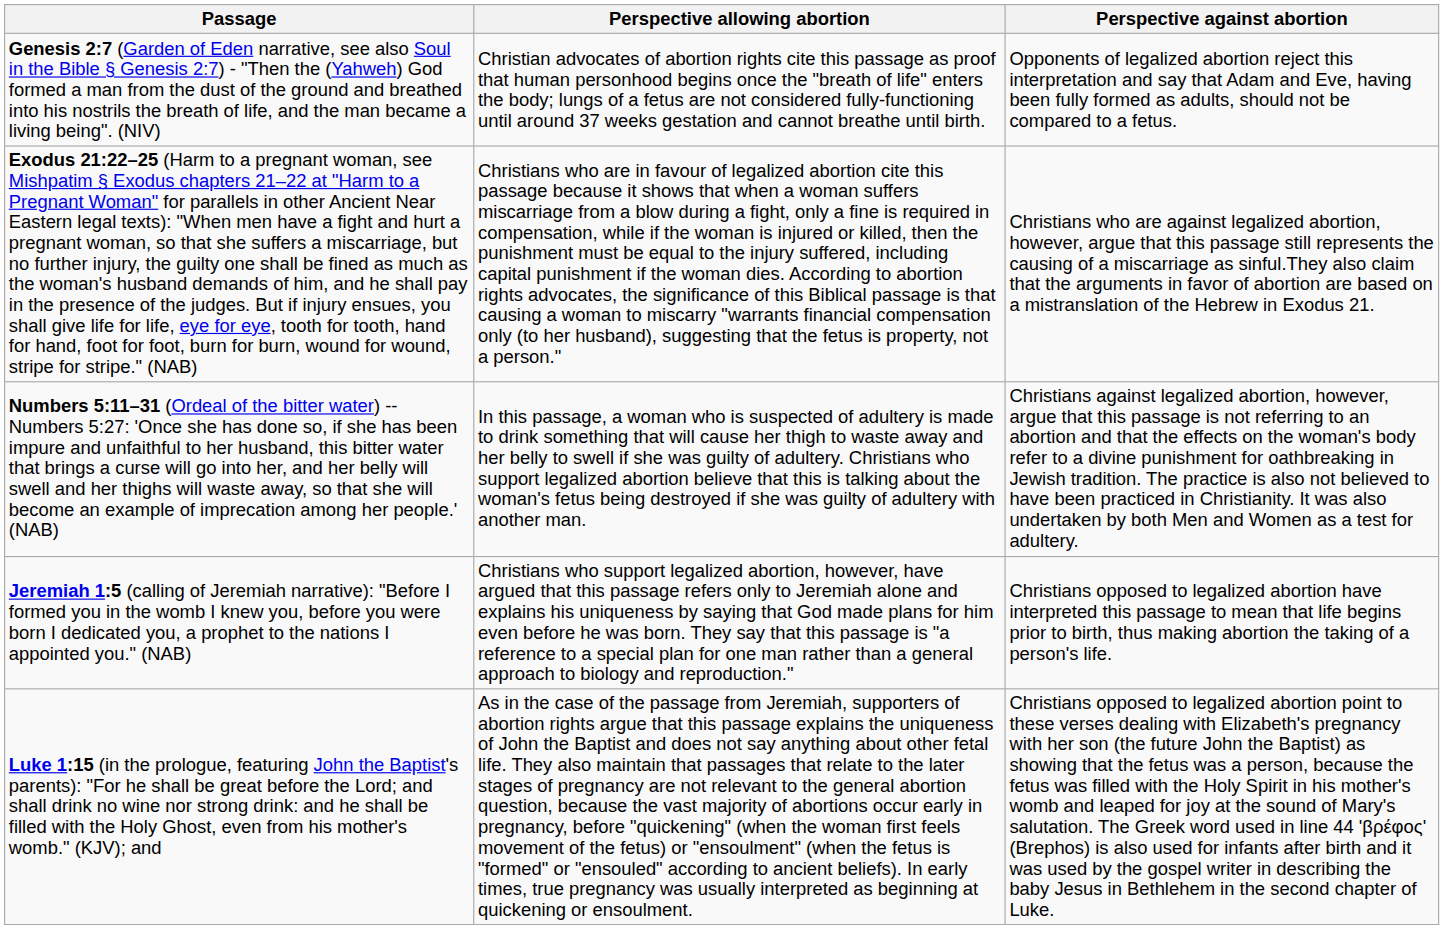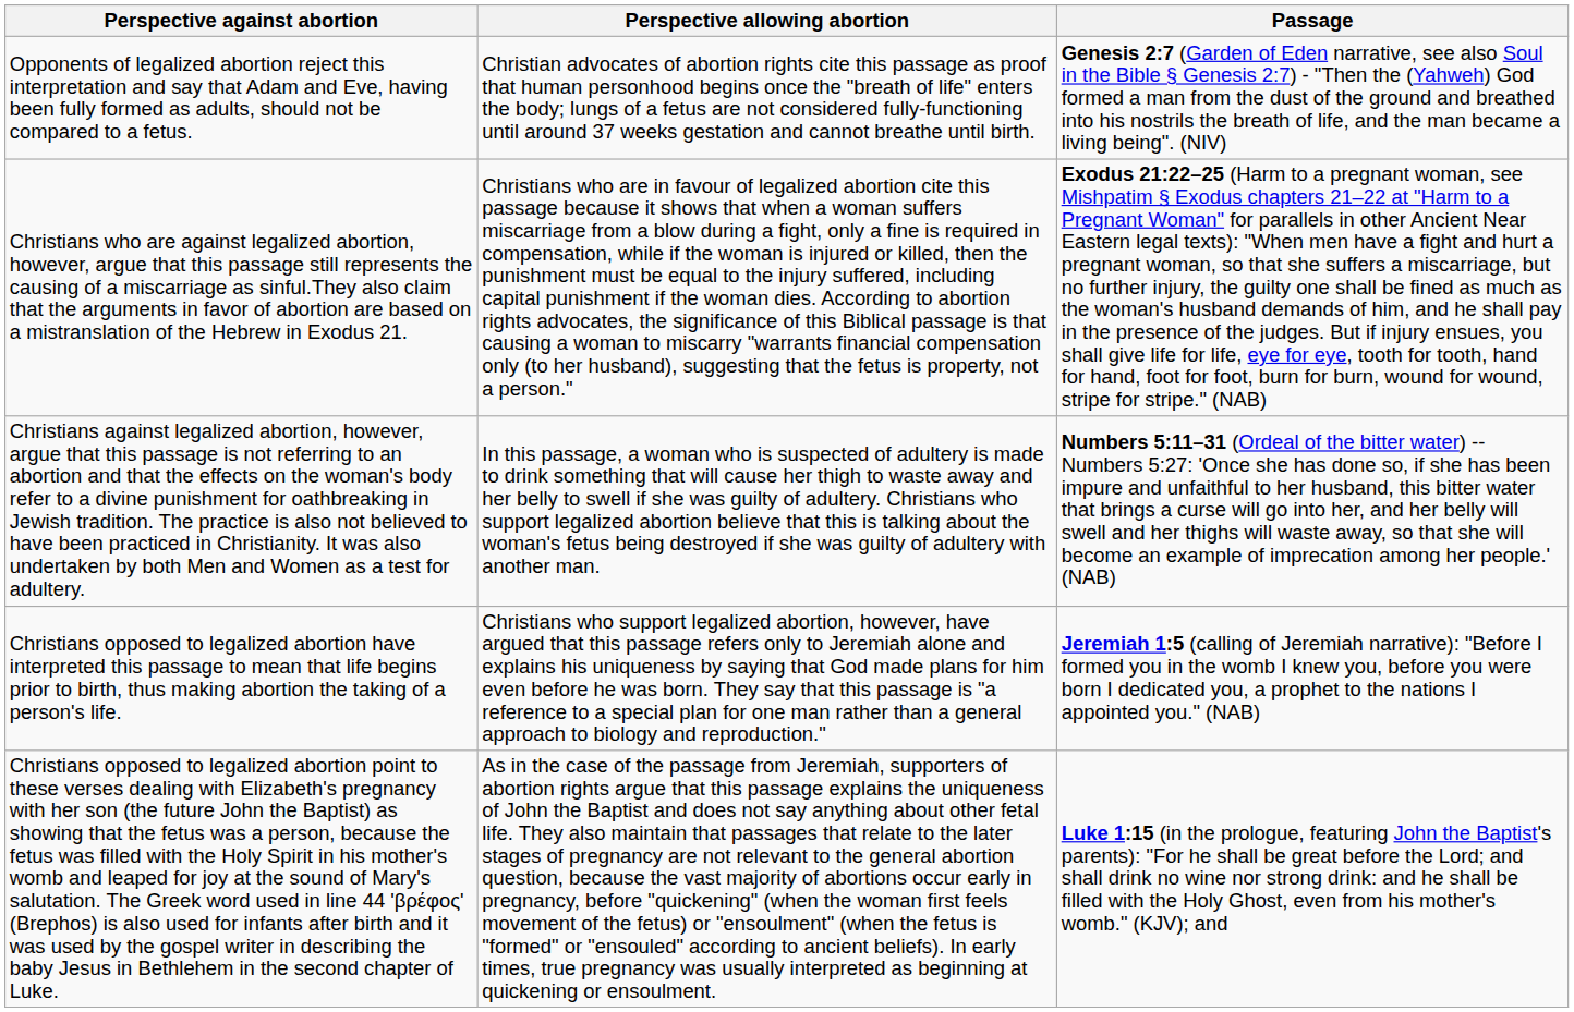 <table class="wikitable">
 <tr>
+<th>Perspective against abortion</th>
+<th>Perspective allowing abortion</th>
 <th>Passage</th>
-<th>Perspective allowing abortion</th>
-<th>Perspective against abortion</th>
 </tr>
 <tr>
+<td>Opponents of legalized abortion reject this interpretation and say that Adam and Eve, having been fully formed as adults, should not be compared to a fetus.</td>
+<td>Christian advocates of abortion rights cite this passage as proof that human personhood begins once the "breath of life" enters the body; lungs of a fetus are not considered fully-functioning until around 37 weeks gestation and cannot breathe until birth.</td>
 <td><strong>Genesis 2:7</strong> (<a href='#'>Garden of Eden</a> narrative, see also <a href='#'>Soul in the Bible § Genesis 2:7</a>) - "Then the  (<a href='#'>Yahweh</a>) God formed a man from the dust of the ground and breathed into his nostrils the breath of life, and the man became a living being". (NIV)</td>
-<td>Christian advocates of abortion rights cite this passage as proof that human personhood begins once the "breath of life" enters the body; lungs of a fetus are not considered fully-functioning until around 37 weeks gestation and cannot breathe until birth.</td>
-<td>Opponents of legalized abortion reject this interpretation and say that Adam and Eve, having been fully formed as adults, should not be compared to a fetus.</td>
 </tr>
 <tr>
+<td>Christians who are against legalized abortion, however, argue that this passage still represents the causing of a miscarriage as sinful.They also claim that the arguments in favor of abortion are based on a mistranslation of the Hebrew in Exodus 21.</td>
+<td>Christians who are in favour of legalized abortion cite this passage because it shows that when a woman suffers miscarriage from a blow during a fight, only a fine is required in compensation, while if the woman is injured or killed, then the punishment must be equal to the injury suffered, including capital punishment if the woman dies. According to abortion rights advocates, the significance of this Biblical passage is that causing a woman to miscarry "warrants financial compensation only (to her husband), suggesting that the fetus is property, not a person."</td>
 <td><strong>Exodus 21:22–25</strong> (Harm to a pregnant woman, see <a href='#'>Mishpatim § Exodus chapters 21–22 at "Harm to a Pregnant Woman"</a> for parallels in other Ancient Near Eastern legal texts): "When men have a fight and hurt a pregnant woman, so that she suffers a miscarriage, but no further injury, the guilty one shall be fined as much as the woman's husband demands of him, and he shall pay in the presence of the judges. But if injury ensues, you shall give life for life, <a href='#'>eye for eye</a>, tooth for tooth, hand for hand, foot for foot, burn for burn, wound for wound, stripe for stripe." (NAB)</td>
-<td>Christians who are in favour of legalized abortion cite this passage because it shows that when a woman suffers miscarriage from a blow during a fight, only a fine is required in compensation, while if the woman is injured or killed, then the punishment must be equal to the injury suffered, including capital punishment if the woman dies. According to abortion rights advocates, the significance of this Biblical passage is that causing a woman to miscarry "warrants financial compensation only (to her husband), suggesting that the fetus is property, not a person."</td>
-<td>Christians who are against legalized abortion, however, argue that this passage still represents the causing of a miscarriage as sinful.They also claim that the arguments in favor of abortion are based on a mistranslation of the Hebrew in Exodus 21.</td>
 </tr>
 <tr>
+<td>Christians against legalized abortion, however, argue that this passage is not referring to an abortion and that the effects on the woman's body refer to a divine punishment for oathbreaking in Jewish tradition. The practice is also not believed to have been practiced in Christianity. It was also undertaken by both Men and Women as a test for adultery.</td>
+<td>In this passage, a woman who is suspected of adultery is made to drink something that will cause her thigh to waste away and her belly to swell if she was guilty of adultery. Christians who support legalized abortion believe that this is talking about the woman's fetus being destroyed if she was guilty of adultery with another man.</td>
 <td><strong>Numbers 5:11–31</strong> (<a href='#'>Ordeal of the bitter water</a>) -- Numbers 5:27: 'Once she has done so, if she has been impure and unfaithful to her husband, this bitter water that brings a curse will go into her, and her belly will swell and her thighs will waste away, so that she will become an example of imprecation among her people.' (NAB)</td>
-<td>In this passage, a woman who is suspected of adultery is made to drink something that will cause her thigh to waste away and her belly to swell if she was guilty of adultery. Christians who support legalized abortion believe that this is talking about the woman's fetus being destroyed if she was guilty of adultery with another man.</td>
-<td>Christians against legalized abortion, however, argue that this passage is not referring to an abortion and that the effects on the woman's body refer to a divine punishment for oathbreaking in Jewish tradition. The practice is also not believed to have been practiced in Christianity. It was also undertaken by both Men and Women as a test for adultery.</td>
 </tr>
 <tr>
+<td>Christians opposed to legalized abortion have interpreted this passage to mean that life begins prior to birth, thus making abortion the taking of a person's life.</td>
+<td>Christians who support legalized abortion, however, have argued that this passage refers only to Jeremiah alone and explains his uniqueness by saying that God made plans for him even before he was born. They say that this passage is "a reference to a special plan for one man rather than a general approach to biology and reproduction."</td>
 <td><strong><a href='#'>Jeremiah 1</a>:5</strong> (calling of Jeremiah narrative): "Before I formed you in the womb I knew you, before you were born I dedicated you, a prophet to the nations I appointed you." (NAB)</td>
-<td>Christians who support legalized abortion, however, have argued that this passage refers only to Jeremiah alone and explains his uniqueness by saying that God made plans for him even before he was born. They say that this passage is "a reference to a special plan for one man rather than a general approach to biology and reproduction."</td>
-<td>Christians opposed to legalized abortion have interpreted this passage to mean that life begins prior to birth, thus making abortion the taking of a person's life.</td>
 </tr>
 <tr>
+<td>Christians opposed to legalized abortion point to these verses dealing with Elizabeth's pregnancy with her son (the future John the Baptist) as showing that the fetus was a person, because the fetus was filled with the Holy Spirit in his mother's womb and leaped for joy at the sound of Mary's salutation. The Greek word used in line 44 'βρέφος' (Brephos) is also used for infants after birth and it was used by the gospel writer in describing the baby Jesus in Bethlehem in the second chapter of Luke.</td>
+<td>As in the case of the passage from Jeremiah, supporters of abortion rights argue that this passage explains the uniqueness of John the Baptist and does not say anything about other fetal life. They also maintain that passages that relate to the later stages of pregnancy are not relevant to the general abortion question, because the vast majority of abortions occur early in pregnancy, before "quickening" (when the woman first feels movement of the fetus) or "ensoulment" (when the fetus is "formed" or "ensouled" according to ancient beliefs). In early times, true pregnancy was usually interpreted as beginning at quickening or ensoulment.</td>
 <td><strong><a href='#'>Luke 1</a>:15</strong> (in the prologue, featuring <a href='#'>John the Baptist</a>'s parents): "For he shall be great before the Lord; and shall drink no wine nor strong drink: and he shall be filled with the Holy Ghost, even from his mother's womb." (KJV); and<br></td>
-<td>As in the case of the passage from Jeremiah, supporters of abortion rights argue that this passage explains the uniqueness of John the Baptist and does not say anything about other fetal life. They also maintain that passages that relate to the later stages of pregnancy are not relevant to the general abortion question, because the vast majority of abortions occur early in pregnancy, before "quickening" (when the woman first feels movement of the fetus) or "ensoulment" (when the fetus is "formed" or "ensouled" according to ancient beliefs). In early times, true pregnancy was usually interpreted as beginning at quickening or ensoulment.</td>
-<td>Christians opposed to legalized abortion point to these verses dealing with Elizabeth's pregnancy with her son (the future John the Baptist) as showing that the fetus was a person, because the fetus was filled with the Holy Spirit in his mother's womb and leaped for joy at the sound of Mary's salutation. The Greek word used in line 44 'βρέφος' (Brephos) is also used for infants after birth and it was used by the gospel writer in describing the baby Jesus in Bethlehem in the second chapter of Luke.</td>
 </tr>
 </table>
